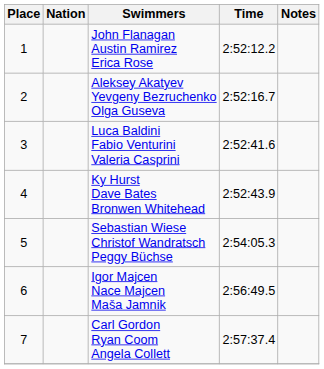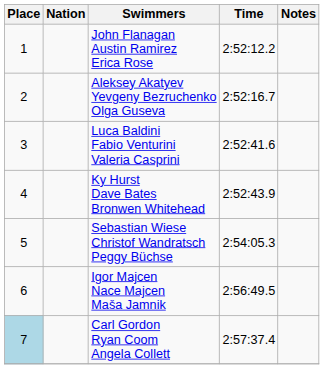 <table class="wikitable sortable" style="text-align:center">
 <tr>
 <th>Place</th>
 <th>Nation</th>
 <th>Swimmers</th>
 <th>Time</th>
 <th>Notes</th>
 </tr>
 <tr>
 <td>1</td>
 <td align=left></td>
 <td align=left><a href='#'>John Flanagan</a> <br> <a href='#'>Austin Ramirez</a> <br> <a href='#'>Erica Rose</a></td>
 <td>2:52:12.2</td>
 <td></td>
 </tr>
 <tr>
 <td>2</td>
 <td align=left></td>
 <td align=left><a href='#'>Aleksey Akatyev</a><br><a href='#'>Yevgeny Bezruchenko</a><br><a href='#'>Olga Guseva</a></td>
 <td>2:52:16.7</td>
 <td></td>
 </tr>
 <tr>
 <td>3</td>
 <td align=left></td>
 <td align=left><a href='#'>Luca Baldini</a><br><a href='#'>Fabio Venturini</a><br><a href='#'>Valeria Casprini</a></td>
 <td>2:52:41.6</td>
 <td></td>
 </tr>
 <tr>
 <td>4</td>
 <td align=left></td>
 <td align=left><a href='#'>Ky Hurst</a><br><a href='#'>Dave Bates</a><br><a href='#'>Bronwen Whitehead</a></td>
 <td>2:52:43.9</td>
 <td></td>
 </tr>
 <tr>
 <td>5</td>
 <td align=left></td>
 <td align=left><a href='#'>Sebastian Wiese</a><br><a href='#'>Christof Wandratsch</a><br><a href='#'>Peggy Büchse</a></td>
 <td>2:54:05.3</td>
 <td></td>
 </tr>
 <tr>
 <td>6</td>
 <td align=left></td>
 <td align=left><a href='#'>Igor Majcen</a><br><a href='#'>Nace Majcen</a><br><a href='#'>Maša Jamnik</a></td>
 <td>2:56:49.5</td>
 <td></td>
 </tr>
 <tr>
-<td>7</td>
+<td style="background: lightblue;">7</td>
 <td align=left></td>
 <td align=left><a href='#'>Carl Gordon</a><br><a href='#'>Ryan Coom</a><br><a href='#'>Angela Collett</a></td>
 <td>2:57:37.4</td>
 <td></td>
 </tr>
 <tr>
 </tr>
 </table>
